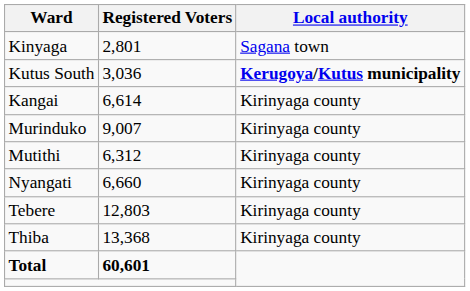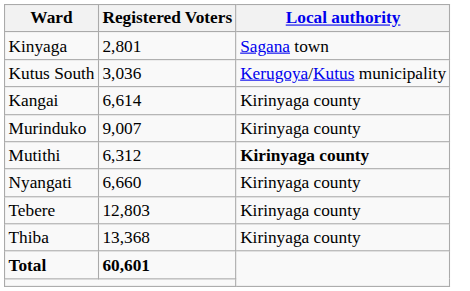 <table class="wikitable">
 <tr>
 <th>Ward</th>
 <th>Registered Voters</th>
 <th><a href='#'>Local authority</a></th>
 </tr>
 <tr>
 <td>Kinyaga</td>
 <td>2,801</td>
 <td><a href='#'>Sagana</a> town</td>
 </tr>
 <tr>
 <td>Kutus South</td>
 <td>3,036</td>
-<td><strong><a href='#'>Kerugoya</a>/<a href='#'>Kutus</a> municipality</strong></td>
+<td><a href='#'>Kerugoya</a>/<a href='#'>Kutus</a> municipality</td>
 </tr>
 <tr>
 <td>Kangai</td>
 <td>6,614</td>
 <td>Kirinyaga county</td>
 </tr>
 <tr>
 <td>Murinduko</td>
 <td>9,007</td>
 <td>Kirinyaga county</td>
 </tr>
 <tr>
 <td>Mutithi</td>
 <td>6,312</td>
-<td>Kirinyaga county</td>
+<td><strong>Kirinyaga county</strong></td>
 </tr>
 <tr>
 <td>Nyangati</td>
 <td>6,660</td>
 <td>Kirinyaga county</td>
 </tr>
 <tr>
 <td>Tebere</td>
 <td>12,803</td>
 <td>Kirinyaga county</td>
 </tr>
 <tr>
 <td>Thiba</td>
 <td>13,368</td>
 <td>Kirinyaga county</td>
 </tr>
 <tr>
 <td><strong>Total</strong></td>
 <td><strong>60,601</strong></td>
 </tr>
 <tr>
 <td colspan="2"></td>
 </tr>
 </table>
